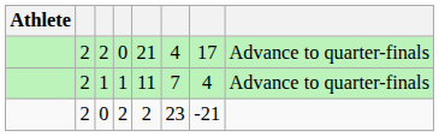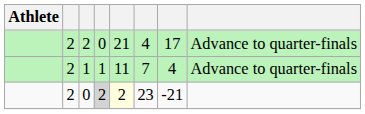 <table class=wikitable style="text-align:center">
 <tr>
 <th>Athlete</th>
 <th></th>
 <th></th>
 <th></th>
 <th></th>
 <th></th>
 <th></th>
 <th></th>
 </tr>
 <tr bgcolor=bbf3bb>
 <td style="text-align:left"></td>
 <td>2</td>
 <td>2</td>
 <td>0</td>
 <td>21</td>
 <td>4</td>
 <td>17</td>
 <td>Advance to quarter-finals</td>
 </tr>
 <tr bgcolor=bbf3bb>
 <td style="text-align:left"></td>
 <td>2</td>
 <td>1</td>
 <td>1</td>
 <td>11</td>
 <td>7</td>
 <td>4</td>
 <td>Advance to quarter-finals</td>
 </tr>
 <tr>
 <td style="text-align:left"></td>
 <td>2</td>
 <td>0</td>
-<td>2</td>
-<td>2</td>
+<td style="background: lightgrey;">2</td>
+<td style="background: lightyellow;">2</td>
 <td>23</td>
 <td>-21</td>
 <td></td>
 </tr>
 <tr>
 </tr>
 </table>
